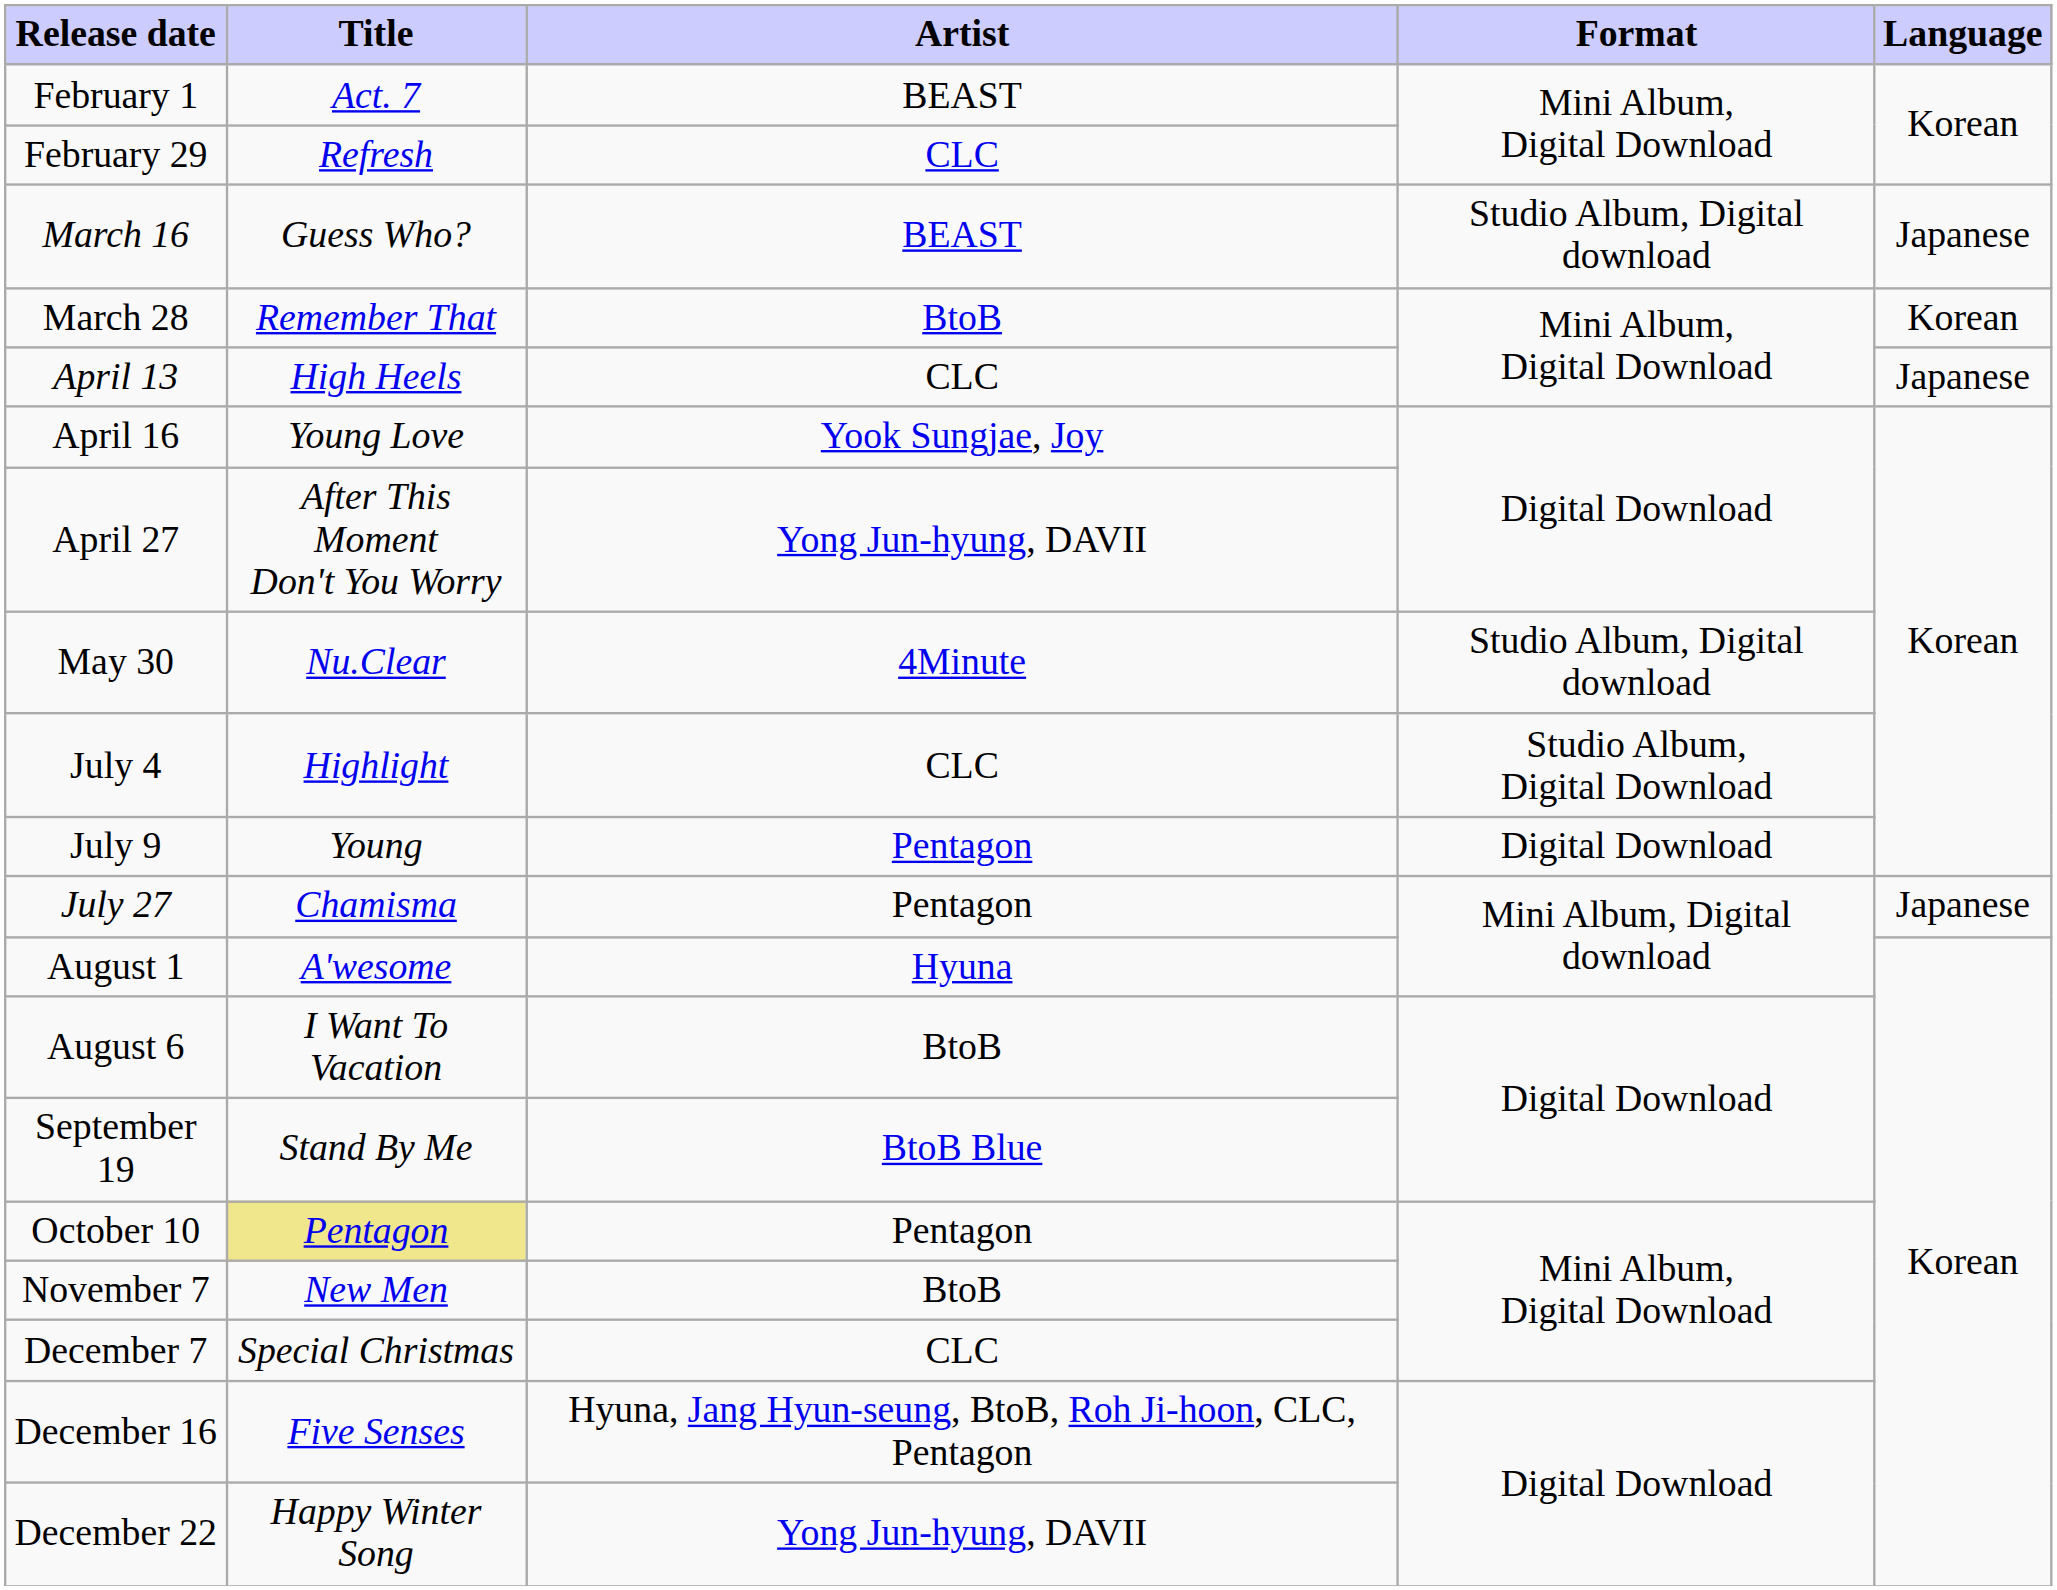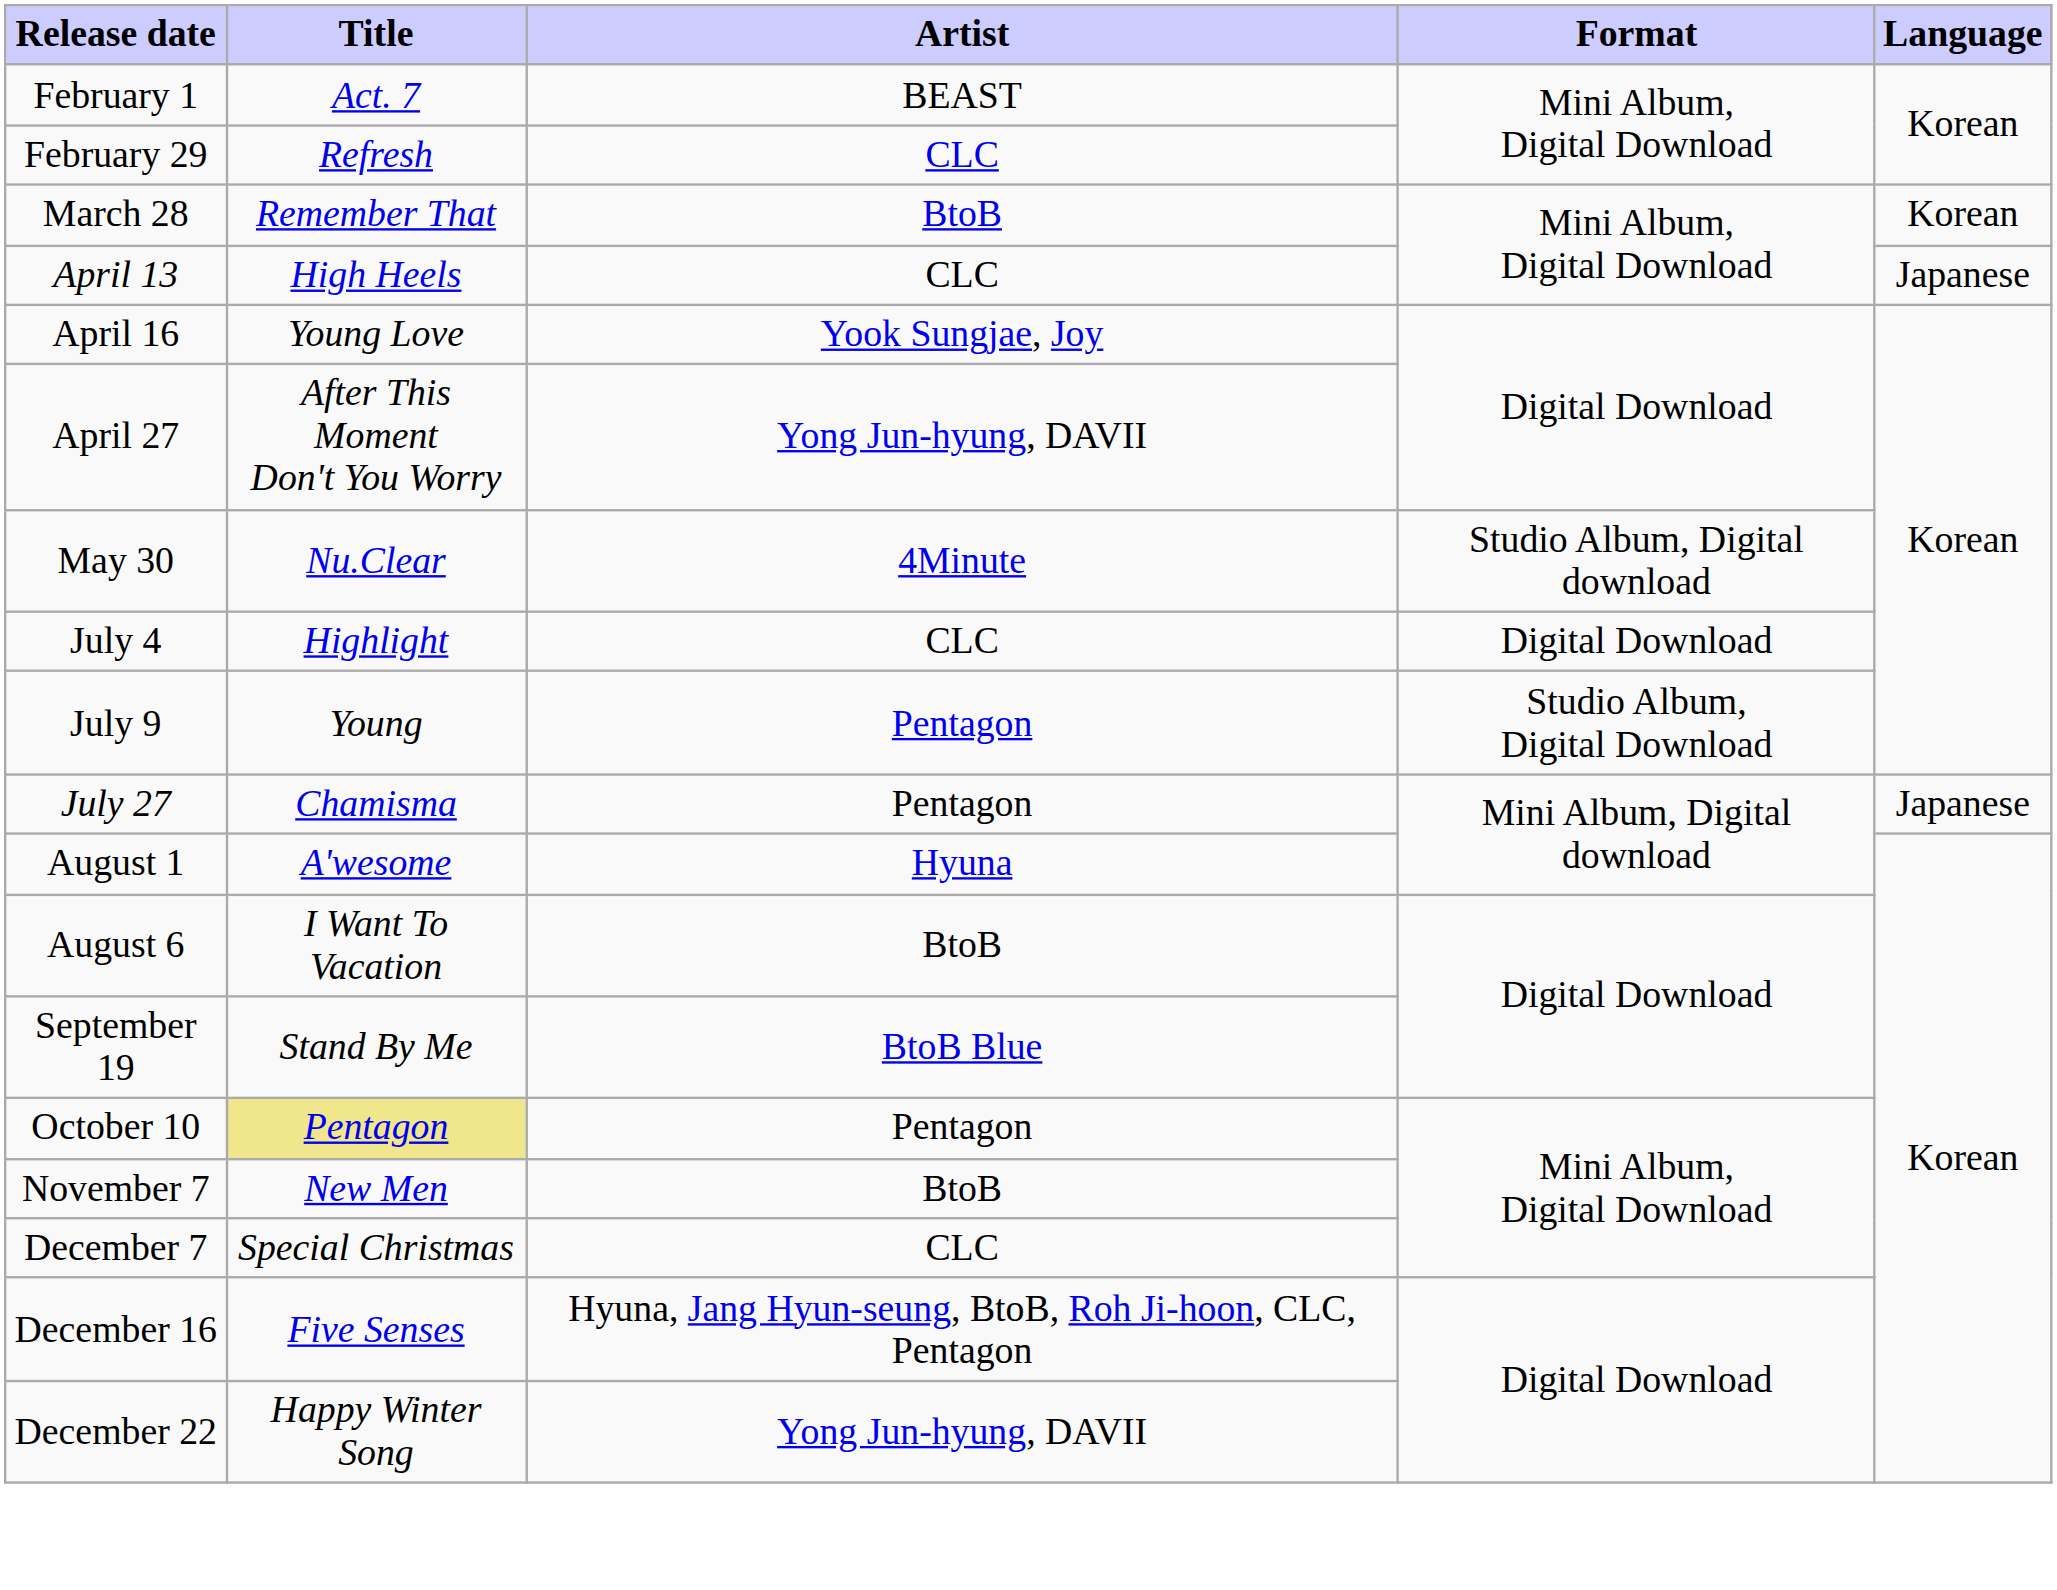 <table class="wikitable sortable" style="text-align:center">
 <tr>
 <th style="background:#CCF;">Release date</th>
 <th style="background:#CCF;">Title</th>
 <th style="background:#CCF;">Artist</th>
 <th style="background:#CCF;">Format</th>
 <th style="background:#CCF;">Language</th>
 </tr>
 <tr>
 <td>February 1</td>
 <td><em><a href='#'>Act. 7</a></em></td>
 <td>BEAST</td>
 <td rowspan="2">Mini Album, <br>Digital Download</td>
 <td rowspan="2">Korean</td>
 </tr>
 <tr>
 <td>February 29</td>
 <td><em><a href='#'>Refresh</a></em></td>
 <td><a href='#'>CLC</a></td>
-</tr>
-<tr>
-<td><em>March 16</em></td>
-<td><em>Guess Who?</em></td>
-<td><a href='#'>BEAST</a></td>
-<td>Studio Album, Digital download</td>
-<td>Japanese</td>
 </tr>
 <tr>
 <td>March 28</td>
 <td><em><a href='#'>Remember That</a></em></td>
 <td><a href='#'>BtoB</a></td>
 <td rowspan="2">Mini Album, <br>Digital Download</td>
 <td>Korean</td>
 </tr>
 <tr>
 <td><em>April 13</em></td>
 <td><em><a href='#'>High Heels</a></em></td>
 <td>CLC</td>
 <td>Japanese</td>
 </tr>
 <tr>
 <td>April 16</td>
 <td><em>Young Love</em></td>
 <td><a href='#'>Yook Sungjae</a>, <a href='#'>Joy</a></td>
 <td rowspan="2">Digital Download</td>
 <td rowspan="5">Korean</td>
 </tr>
 <tr>
 <td>April 27</td>
 <td><em>After This Moment</em><br><em>Don't You Worry</em></td>
 <td><a href='#'>Yong Jun-hyung</a>, DAVII</td>
 </tr>
 <tr>
 <td>May 30</td>
 <td><em><a href='#'>Nu.Clear</a></em></td>
 <td><a href='#'>4Minute</a></td>
 <td>Studio Album, Digital download</td>
 </tr>
 <tr>
 <td>July 4</td>
 <td><em><a href='#'>Highlight</a></em></td>
 <td>CLC</td>
-<td>Studio Album, <br>Digital Download</td>
+<td>Digital Download</td>
 </tr>
 <tr>
 <td>July 9</td>
 <td><em>Young</em></td>
 <td><a href='#'>Pentagon</a></td>
-<td>Digital Download</td>
+<td>Studio Album, <br>Digital Download</td>
 </tr>
 <tr>
 <td><em>July 27</em></td>
 <td><em><a href='#'>Chamisma</a></em></td>
 <td>Pentagon</td>
 <td rowspan="2">Mini Album, Digital download</td>
 <td>Japanese</td>
 </tr>
 <tr>
 <td>August 1</td>
 <td><em><a href='#'>A'wesome</a></em></td>
 <td><a href='#'>Hyuna</a></td>
 <td rowspan="8">Korean</td>
 </tr>
 <tr>
 <td>August 6</td>
 <td><em>I Want To Vacation</em></td>
 <td>BtoB</td>
 <td rowspan="2">Digital Download</td>
 </tr>
 <tr>
 <td>September 19</td>
 <td><em>Stand By Me</em></td>
 <td><a href='#'>BtoB Blue</a></td>
 </tr>
 <tr>
 <td>October 10</td>
 <td style="background: khaki;"><em><a href='#'>Pentagon</a></em></td>
 <td>Pentagon</td>
 <td rowspan="3">Mini Album, <br>Digital Download</td>
 </tr>
 <tr>
 <td>November 7</td>
 <td><em><a href='#'>New Men</a></em></td>
 <td>BtoB</td>
 </tr>
 <tr>
 <td>December 7</td>
 <td><em>Special Christmas</em></td>
 <td>CLC</td>
 </tr>
 <tr>
 <td>December 16</td>
 <td><em><a href='#'>Five Senses</a></em></td>
 <td>Hyuna, <a href='#'>Jang Hyun-seung</a>, BtoB, <a href='#'>Roh Ji-hoon</a>, CLC, Pentagon</td>
 <td rowspan="2">Digital Download</td>
 </tr>
 <tr>
 <td>December 22</td>
 <td><em>Happy Winter Song</em></td>
 <td><a href='#'>Yong Jun-hyung</a>, DAVII</td>
 </tr>
 </table>
